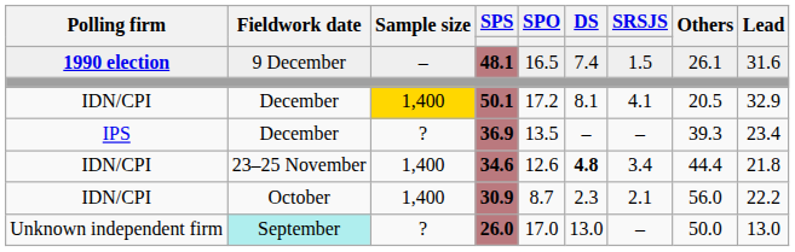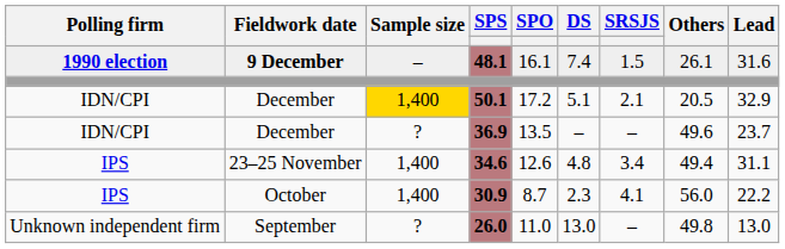 <table class="wikitable" style="text-align:center; font-size:85%; line-height:16px; margin-bottom:0">
 <tr>
 <th rowspan="2">Polling firm</th>
 <th rowspan="2">Fieldwork date</th>
 <th rowspan="2">Sample size</th>
 <th><a href='#'>SPS</a></th>
 <th><a href='#'>SPO</a></th>
 <th><a href='#'>DS</a></th>
 <th><a href='#'>SRSJS</a></th>
 <th rowspan="2">Others</th>
 <th rowspan="2">Lead</th>
 </tr>
 <tr>
 <th style="background:"></th>
 <th style="background:"></th>
 <th style="background:"></th>
 <th style="background:"></th>
 </tr>
 <tr style="background:#EFEFEF">
 <td><strong><a href='#'>1990 election</a></strong></td>
-<td>9 December</td>
+<td><strong>9 December</strong></td>
 <td>–</td>
 <td style="background:#ba797e"><strong>48.1</strong></td>
-<td>16.5</td>
+<td>16.1</td>
 <td>7.4</td>
 <td>1.5</td>
 <td>26.1</td>
 <td style="background:">31.6</td>
 </tr>
 <tr>
 <td colspan="10" style="background:#A0A0A0"></td>
 </tr>
 <tr>
 <td>IDN/CPI</td>
 <td>December</td>
 <td style="background: gold;">1,400</td>
 <td style="background:#ba797e"><strong>50.1</strong></td>
 <td>17.2</td>
-<td>8.1</td>
-<td>4.1</td>
+<td>5.1</td>
+<td>2.1</td>
 <td>20.5</td>
 <td style="background:">32.9</td>
 </tr>
 <tr>
-<td><a href='#'>IPS</a></td>
+<td>IDN/CPI</td>
 <td>December</td>
 <td>?</td>
 <td style="background:#ba797e"><strong>36.9</strong></td>
 <td>13.5</td>
 <td>–</td>
 <td>–</td>
-<td>39.3</td>
-<td style="background:">23.4</td>
+<td>49.6</td>
+<td style="background:">23.7</td>
 </tr>
 <tr>
-<td>IDN/CPI</td>
+<td><a href='#'>IPS</a></td>
 <td>23–25 November</td>
 <td>1,400</td>
 <td style="background:#ba797e"><strong>34.6</strong></td>
 <td>12.6</td>
-<td><strong>4.8</strong></td>
+<td>4.8</td>
 <td>3.4</td>
-<td>44.4</td>
-<td style="background:">21.8</td>
+<td>49.4</td>
+<td style="background:">31.1</td>
 </tr>
 <tr>
-<td>IDN/CPI</td>
+<td><a href='#'>IPS</a></td>
 <td>October</td>
 <td>1,400</td>
 <td style="background:#ba797e"><strong>30.9</strong></td>
 <td>8.7</td>
 <td>2.3</td>
-<td>2.1</td>
+<td>4.1</td>
 <td>56.0</td>
 <td style="background:">22.2</td>
 </tr>
 <tr>
 <td>Unknown independent firm</td>
-<td style="background: paleturquoise;">September</td>
+<td>September</td>
 <td>?</td>
 <td style="background:#ba797e"><strong>26.0</strong></td>
-<td>17.0</td>
+<td>11.0</td>
 <td>13.0</td>
 <td>–</td>
-<td>50.0</td>
+<td>49.8</td>
 <td style="background:">13.0</td>
 </tr>
 </table>
